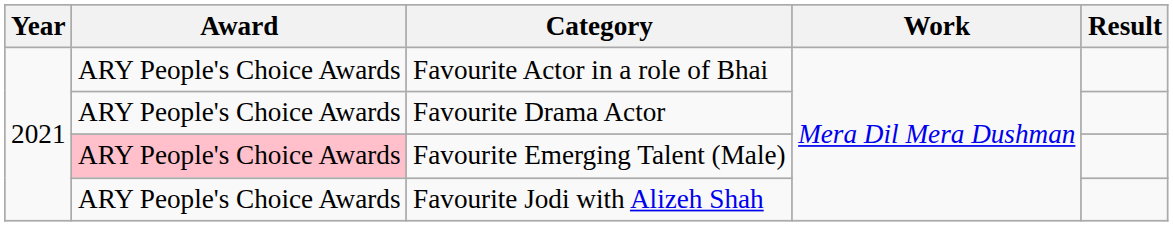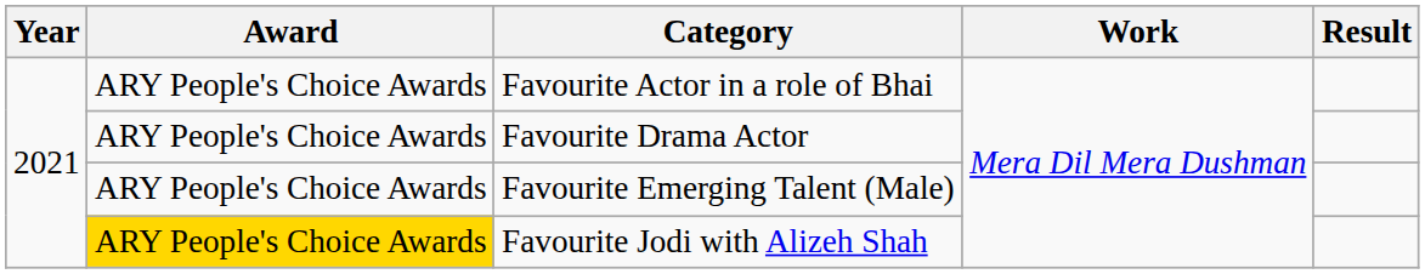 <table class="wikitable sortable">
 <tr>
 <th>Year</th>
 <th>Award</th>
 <th>Category</th>
 <th>Work</th>
 <th>Result</th>
 </tr>
 <tr>
 <td Rowspan="4">2021</td>
 <td>ARY People's Choice Awards</td>
 <td>Favourite Actor in a role of Bhai</td>
 <td Rowspan="4"><em><a href='#'>Mera Dil Mera Dushman</a></em></td>
 <td></td>
 </tr>
 <tr>
 <td>ARY People's Choice Awards</td>
 <td>Favourite Drama Actor</td>
 <td></td>
 </tr>
 <tr>
-<td style="background: pink;">ARY People's Choice Awards</td>
+<td>ARY People's Choice Awards</td>
 <td>Favourite Emerging Talent (Male)</td>
 <td></td>
 </tr>
 <tr>
-<td>ARY People's Choice Awards</td>
+<td style="background: gold;">ARY People's Choice Awards</td>
 <td>Favourite Jodi with <a href='#'>Alizeh Shah</a></td>
 <td></td>
 </tr>
 </table>
